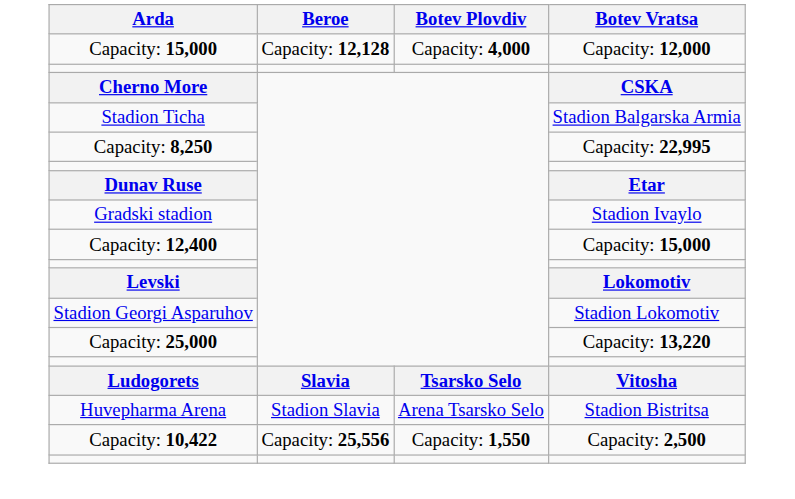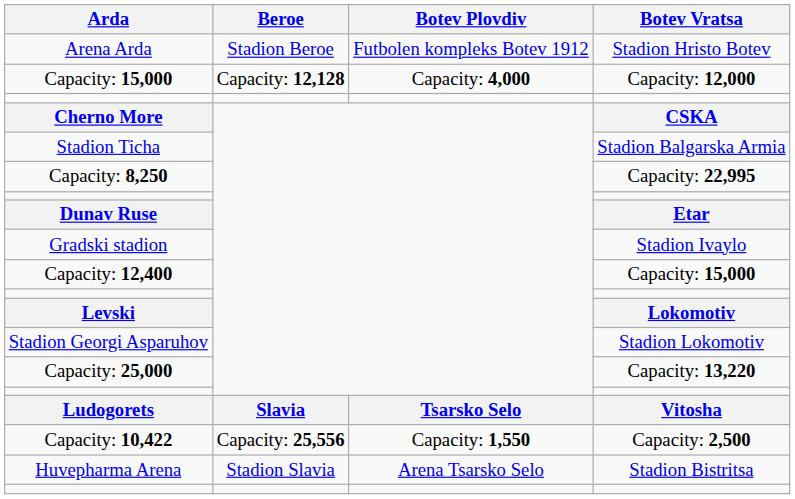 <table class="wikitable" style="text-align:center; margin:0.5em auto;">
 <tr>
 <th><a href='#'>Arda</a></th>
 <th><a href='#'>Beroe</a></th>
 <th><a href='#'>Botev Plovdiv</a></th>
 <th><a href='#'>Botev Vratsa</a></th>
+</tr>
+<tr>
+<td><a href='#'>Arena Arda</a></td>
+<td><a href='#'>Stadion Beroe</a></td>
+<td><a href='#'>Futbolen kompleks Botev 1912</a></td>
+<td><a href='#'>Stadion Hristo Botev</a></td>
 </tr>
 <tr>
 <td>Capacity: <strong>15,000</strong></td>
 <td>Capacity: <strong>12,128</strong></td>
 <td>Capacity: <strong>4,000</strong></td>
 <td>Capacity: <strong>12,000</strong></td>
 </tr>
 <tr>
 <td></td>
 <td></td>
 <td></td>
 <td></td>
 </tr>
 <tr>
 <th><a href='#'>Cherno More</a></th>
 <td colspan="2" rowspan="12"><br> </td>
 <th><a href='#'>CSKA</a></th>
 </tr>
 <tr>
 <td><a href='#'>Stadion Ticha</a></td>
 <td><a href='#'>Stadion Balgarska Armia</a></td>
 </tr>
 <tr>
 <td>Capacity: <strong>8,250</strong></td>
 <td>Capacity: <strong>22,995</strong></td>
 </tr>
 <tr>
 <td></td>
 <td></td>
 </tr>
 <tr>
 <th><a href='#'>Dunav Ruse</a></th>
 <th><a href='#'>Etar</a></th>
 </tr>
 <tr>
 <td><a href='#'>Gradski stadion</a></td>
 <td><a href='#'>Stadion Ivaylo</a></td>
 </tr>
 <tr>
 <td>Capacity: <strong>12,400</strong></td>
 <td>Capacity: <strong>15,000</strong></td>
 </tr>
 <tr>
 <td></td>
 <td></td>
 </tr>
 <tr>
 <th><a href='#'>Levski</a></th>
 <th><a href='#'>Lokomotiv</a></th>
 </tr>
 <tr>
 <td><a href='#'>Stadion Georgi Asparuhov</a></td>
 <td><a href='#'>Stadion Lokomotiv</a></td>
 </tr>
 <tr>
 <td>Capacity: <strong>25,000</strong></td>
 <td>Capacity: <strong>13,220</strong></td>
 </tr>
 <tr>
 <td></td>
 <td></td>
 </tr>
 <tr>
 <th><a href='#'>Ludogorets</a></th>
 <th><a href='#'>Slavia</a></th>
 <th><a href='#'>Tsarsko Selo</a></th>
 <th><a href='#'>Vitosha</a></th>
 </tr>
 <tr>
+<td>Capacity: <strong>10,422</strong></td>
+<td>Capacity: <strong>25,556</strong></td>
+<td>Capacity: <strong>1,550</strong></td>
+<td>Capacity: <strong>2,500</strong></td>
+</tr>
+<tr>
 <td><a href='#'>Huvepharma Arena</a></td>
 <td><a href='#'>Stadion Slavia</a></td>
 <td><a href='#'>Arena Tsarsko Selo</a></td>
 <td><a href='#'>Stadion Bistritsa</a></td>
-</tr>
-<tr>
-<td>Capacity: <strong>10,422</strong></td>
-<td>Capacity: <strong>25,556</strong></td>
-<td>Capacity: <strong>1,550</strong></td>
-<td>Capacity: <strong>2,500</strong></td>
 </tr>
 <tr>
 <td></td>
 <td></td>
 <td></td>
 <td></td>
 </tr>
 </table>
